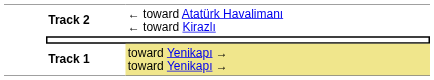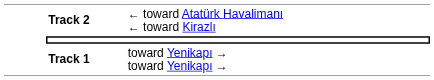 <table table border=0 cellspacing=0 cellpadding=3>
 <tr>
 <td style="border-top:solid 1px gray;border-bottom:solid 1px gray;" width=50 rowspan=3 valign=top></td>
 <td style="border-top:solid 1px gray;" width=100><strong>Track 2</strong></td>
 <td style="border-top:solid 1px gray;" width=400>←  toward <a href='#'>Atatürk Havalimanı</a><br>←  toward <a href='#'>Kirazlı</a></td>
 </tr>
 <tr>
 <td style="border-top:solid 2px black;border-right:solid 2px black;border-left:solid 2px black;border-bottom:solid 2px black;text-align:center;" colspan=2></td>
 </tr>
 <tr>
 <td style="border-bottom:solid 1px gray;"><strong>Track 1</strong></td>
-<td style="background: khaki; border-bottom:solid 1px gray;"> toward <a href='#'>Yenikapı</a> →<br> toward <a href='#'>Yenikapı</a> →</td>
+<td style="border-bottom:solid 1px gray;"> toward <a href='#'>Yenikapı</a> →<br> toward <a href='#'>Yenikapı</a> →</td>
 </tr>
 </table>
